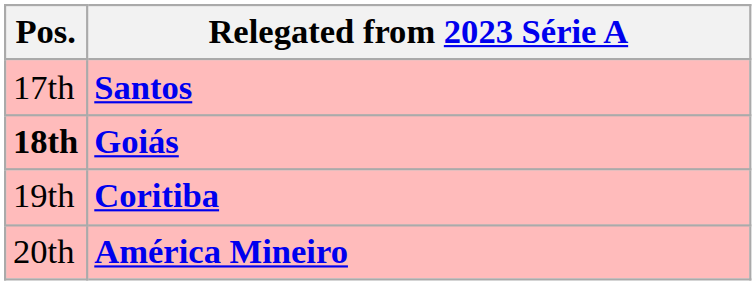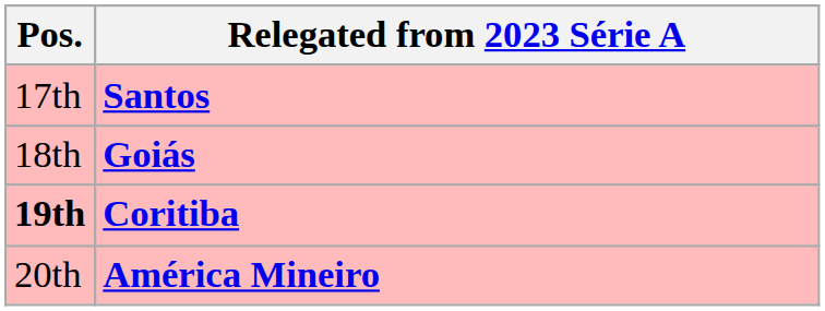 <table class="wikitable">
 <tr>
 <th style="text-align:center;">Pos.</th>
 <th width=300>Relegated from <a href='#'>2023 Série A</a></th>
 </tr>
 <tr style="background: #FFBBBB;">
 <td>17th</td>
 <td><strong><a href='#'>Santos</a></strong></td>
 </tr>
 <tr style="background: #FFBBBB;">
-<td><strong>18th</strong></td>
+<td>18th</td>
 <td><strong><a href='#'>Goiás</a></strong></td>
 </tr>
 <tr style="background: #FFBBBB;">
-<td>19th</td>
+<td><strong>19th</strong></td>
 <td><strong><a href='#'>Coritiba</a></strong></td>
 </tr>
 <tr style="background: #FFBBBB;">
 <td>20th</td>
 <td><strong><a href='#'>América Mineiro</a></strong></td>
 </tr>
 </table>
